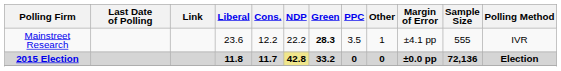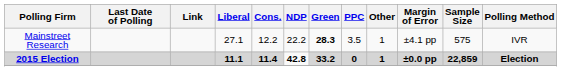 <table class="wikitable sortable" style="text-align:center;font-size:90%;line-height:14px;">
 <tr style="background:#e9e9e9;">
 <th style="width:120px">Polling Firm</th>
 <th style="width:110px">Last Date<br>of Polling</th>
 <th style="width:60px" class="unsortable">Link</th>
 <th style="background-color:"><strong><a href='#'>Liberal</a></strong></th>
 <th style="background-color:"><strong><a href='#'>Cons.</a></strong></th>
 <th style="background-color:"><strong><a href='#'>NDP</a></strong></th>
 <th style="background-color:"><strong><a href='#'>Green</a></strong></th>
 <th style="background-color:"><strong><a href='#'>PPC</a></strong></th>
 <th style="background-color:"><strong>Other</strong></th>
 <th style="width:60px;" class=unsortable>Margin<br>of Error</th>
 <th style="width:50px;" class=unsortable>Sample<br>Size</th>
 <th class=unsortable>Polling Method</th>
 </tr>
 <tr>
 <td><a href='#'>Mainstreet Research</a></td>
 <td></td>
 <td></td>
-<td>23.6</td>
+<td>27.1</td>
 <td>12.2</td>
 <td>22.2</td>
 <td><strong>28.3</strong></td>
 <td>3.5</td>
 <td>1</td>
 <td>±4.1 pp</td>
-<td>555</td>
+<td>575</td>
 <td>IVR</td>
 </tr>
 <tr>
 <td style="background:#D5D5D5"><strong><a href='#'>2015 Election</a></strong></td>
 <td style="background:#D5D5D5"><strong></strong></td>
 <td style="background:#D5D5D5"></td>
-<td style="background:#D5D5D5"><strong>11.8</strong></td>
-<td style="background:#D5D5D5"><strong>11.7</strong></td>
-<td style="background: khaki;"><strong>42.8</strong></td>
+<td style="background:#D5D5D5"><strong>11.1</strong></td>
+<td style="background:#D5D5D5"><strong>11.4</strong></td>
+<td><strong>42.8</strong></td>
 <td style="background:#D5D5D5"><strong>33.2</strong></td>
 <td style="background:#D5D5D5"><strong>0</strong></td>
-<td style="background:#D5D5D5"><strong>0</strong></td>
+<td style="background:#D5D5D5"><strong>1</strong></td>
 <td style="background:#D5D5D5"><strong>±0.0 pp</strong></td>
-<td style="background:#D5D5D5"><strong>72,136</strong></td>
+<td style="background:#D5D5D5"><strong>22,859</strong></td>
 <td style="background:#D5D5D5"><strong>Election</strong></td>
 </tr>
 <tr>
 </tr>
 <tr>
 </tr>
 </table>
